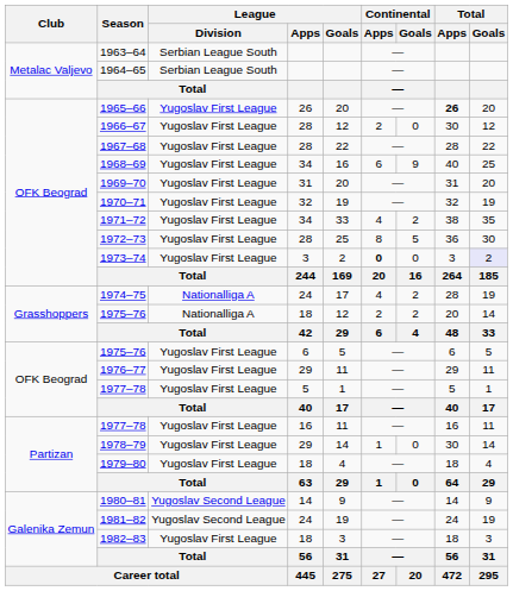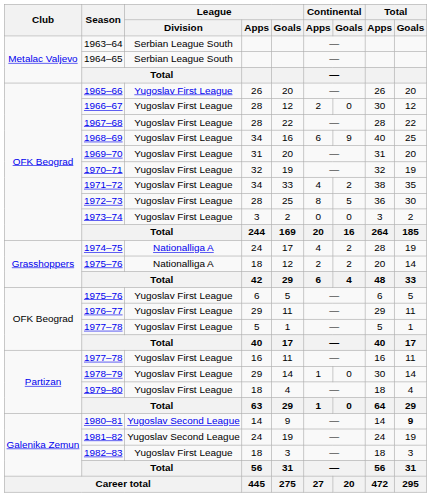 <table class="wikitable" style="text-align:center">
 <tr>
 <th rowspan="2">Club</th>
 <th rowspan="2">Season</th>
 <th colspan="3">League</th>
 <th colspan="2">Continental</th>
 <th colspan="2">Total</th>
 </tr>
 <tr>
 <th>Division</th>
 <th>Apps</th>
 <th>Goals</th>
 <th>Apps</th>
 <th>Goals</th>
 <th>Apps</th>
 <th>Goals</th>
 </tr>
 <tr>
 <td rowspan="3"><a href='#'>Metalac Valjevo</a></td>
 <td>1963–64</td>
 <td>Serbian League South</td>
 <td></td>
 <td></td>
 <td colspan="2">—</td>
 <td></td>
 <td></td>
 </tr>
 <tr>
 <td>1964–65</td>
 <td>Serbian League South</td>
 <td></td>
 <td></td>
 <td colspan="2">—</td>
 <td></td>
 <td></td>
 </tr>
 <tr>
 <th colspan="2">Total</th>
 <th></th>
 <th></th>
 <th colspan="2">—</th>
 <th></th>
 <th></th>
 </tr>
 <tr>
 <td rowspan="10"><a href='#'>OFK Beograd</a></td>
 <td><a href='#'>1965–66</a></td>
 <td><a href='#'>Yugoslav First League</a></td>
 <td>26</td>
 <td>20</td>
 <td colspan="2">—</td>
-<td><strong>26</strong></td>
+<td>26</td>
 <td>20</td>
 </tr>
 <tr>
 <td><a href='#'>1966–67</a></td>
 <td>Yugoslav First League</td>
 <td>28</td>
 <td>12</td>
 <td>2</td>
 <td>0</td>
 <td>30</td>
 <td>12</td>
 </tr>
 <tr>
 <td><a href='#'>1967–68</a></td>
 <td>Yugoslav First League</td>
 <td>28</td>
 <td>22</td>
 <td colspan="2">—</td>
 <td>28</td>
 <td>22</td>
 </tr>
 <tr>
 <td><a href='#'>1968–69</a></td>
 <td>Yugoslav First League</td>
 <td>34</td>
 <td>16</td>
 <td>6</td>
 <td>9</td>
 <td>40</td>
 <td>25</td>
 </tr>
 <tr>
 <td><a href='#'>1969–70</a></td>
 <td>Yugoslav First League</td>
 <td>31</td>
 <td>20</td>
 <td colspan="2">—</td>
 <td>31</td>
 <td>20</td>
 </tr>
 <tr>
 <td><a href='#'>1970–71</a></td>
 <td>Yugoslav First League</td>
 <td>32</td>
 <td>19</td>
 <td colspan="2">—</td>
 <td>32</td>
 <td>19</td>
 </tr>
 <tr>
 <td><a href='#'>1971–72</a></td>
 <td>Yugoslav First League</td>
 <td>34</td>
 <td>33</td>
 <td>4</td>
 <td>2</td>
 <td>38</td>
 <td>35</td>
 </tr>
 <tr>
 <td><a href='#'>1972–73</a></td>
 <td>Yugoslav First League</td>
 <td>28</td>
 <td>25</td>
 <td>8</td>
 <td>5</td>
 <td>36</td>
 <td>30</td>
 </tr>
 <tr>
 <td><a href='#'>1973–74</a></td>
 <td>Yugoslav First League</td>
 <td>3</td>
 <td>2</td>
-<td><strong>0</strong></td>
+<td>0</td>
 <td>0</td>
 <td>3</td>
-<td style="background: lavender;">2</td>
+<td>2</td>
 </tr>
 <tr>
 <th colspan="2">Total</th>
 <th>244</th>
 <th>169</th>
 <th>20</th>
 <th>16</th>
 <th>264</th>
 <th>185</th>
 </tr>
 <tr>
 <td rowspan="3"><a href='#'>Grasshoppers</a></td>
 <td><a href='#'>1974–75</a></td>
 <td><a href='#'>Nationalliga A</a></td>
 <td>24</td>
 <td>17</td>
 <td>4</td>
 <td>2</td>
 <td>28</td>
 <td>19</td>
 </tr>
 <tr>
 <td><a href='#'>1975–76</a></td>
 <td>Nationalliga A</td>
 <td>18</td>
 <td>12</td>
 <td>2</td>
 <td>2</td>
 <td>20</td>
 <td>14</td>
 </tr>
 <tr>
 <th colspan="2">Total</th>
 <th>42</th>
 <th>29</th>
 <th>6</th>
 <th>4</th>
 <th>48</th>
 <th>33</th>
 </tr>
 <tr>
 <td rowspan="4">OFK Beograd</td>
 <td><a href='#'>1975–76</a></td>
 <td>Yugoslav First League</td>
 <td>6</td>
 <td>5</td>
 <td colspan="2">—</td>
 <td>6</td>
 <td>5</td>
 </tr>
 <tr>
 <td><a href='#'>1976–77</a></td>
 <td>Yugoslav First League</td>
 <td>29</td>
 <td>11</td>
 <td colspan="2">—</td>
 <td>29</td>
 <td>11</td>
 </tr>
 <tr>
 <td><a href='#'>1977–78</a></td>
 <td>Yugoslav First League</td>
 <td>5</td>
 <td>1</td>
 <td colspan="2">—</td>
 <td>5</td>
 <td>1</td>
 </tr>
 <tr>
 <th colspan="2">Total</th>
 <th>40</th>
 <th>17</th>
 <th colspan="2">—</th>
 <th>40</th>
 <th>17</th>
 </tr>
 <tr>
 <td rowspan="4"><a href='#'>Partizan</a></td>
 <td><a href='#'>1977–78</a></td>
 <td>Yugoslav First League</td>
 <td>16</td>
 <td>11</td>
 <td colspan="2">—</td>
 <td>16</td>
 <td>11</td>
 </tr>
 <tr>
 <td><a href='#'>1978–79</a></td>
 <td>Yugoslav First League</td>
 <td>29</td>
 <td>14</td>
 <td>1</td>
 <td>0</td>
 <td>30</td>
 <td>14</td>
 </tr>
 <tr>
 <td><a href='#'>1979–80</a></td>
 <td>Yugoslav First League</td>
 <td>18</td>
 <td>4</td>
 <td colspan="2">—</td>
 <td>18</td>
 <td>4</td>
 </tr>
 <tr>
 <th colspan="2">Total</th>
 <th>63</th>
 <th>29</th>
 <th>1</th>
 <th>0</th>
 <th>64</th>
 <th>29</th>
 </tr>
 <tr>
 <td rowspan="4"><a href='#'>Galenika Zemun</a></td>
 <td><a href='#'>1980–81</a></td>
 <td><a href='#'>Yugoslav Second League</a></td>
 <td>14</td>
 <td>9</td>
 <td colspan="2">—</td>
 <td>14</td>
-<td>9</td>
+<td><strong>9</strong></td>
 </tr>
 <tr>
 <td><a href='#'>1981–82</a></td>
 <td>Yugoslav Second League</td>
 <td>24</td>
 <td>19</td>
 <td colspan="2">—</td>
 <td>24</td>
 <td>19</td>
 </tr>
 <tr>
 <td><a href='#'>1982–83</a></td>
 <td>Yugoslav First League</td>
 <td>18</td>
 <td>3</td>
 <td colspan="2">—</td>
 <td>18</td>
 <td>3</td>
 </tr>
 <tr>
 <th colspan="2">Total</th>
 <th>56</th>
 <th>31</th>
 <th colspan="2">—</th>
 <th>56</th>
 <th>31</th>
 </tr>
 <tr>
 <th colspan="3">Career total</th>
 <th>445</th>
 <th>275</th>
 <th>27</th>
 <th>20</th>
 <th>472</th>
 <th>295</th>
 </tr>
 </table>
